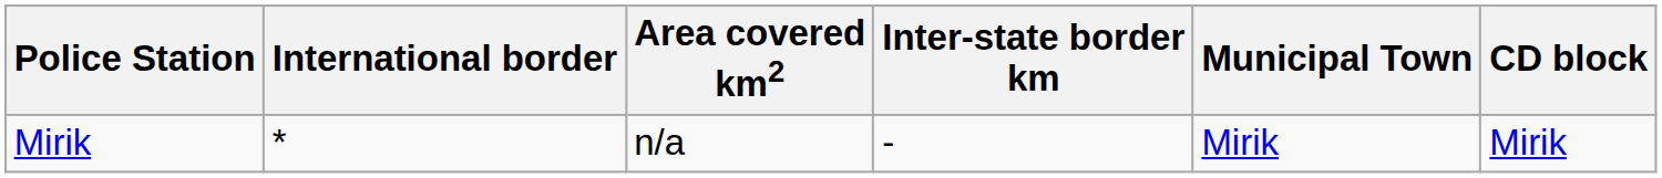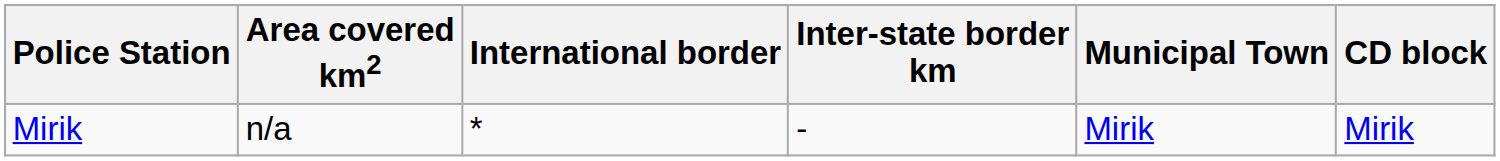 <table class="wikitable sortable">
 <tr>
 <th>Police Station</th>
+<th>Area covered<br>km<sup>2</sup></th>
 <th>International border<br></th>
-<th>Area covered<br>km<sup>2</sup></th>
 <th>Inter-state border<br>km</th>
 <th>Municipal Town</th>
 <th>CD block</th>
 </tr>
 <tr>
 <td><a href='#'>Mirik</a></td>
+<td>n/a</td>
 <td>*</td>
-<td>n/a</td>
 <td>-</td>
 <td><a href='#'>Mirik</a></td>
 <td><a href='#'>Mirik</a></td>
 </tr>
 </table>
